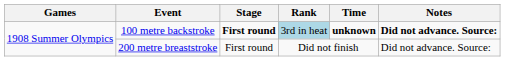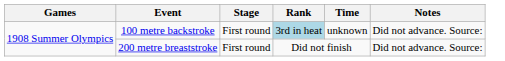 <table class="wikitable" style=" text-align:center;">
 <tr>
 <th>Games</th>
 <th>Event</th>
 <th>Stage</th>
 <th>Rank</th>
 <th>Time</th>
 <th>Notes</th>
 </tr>
 <tr>
 <td style="white-space: nowrap;" rowspan=2><a href='#'>1908 Summer Olympics</a></td>
 <td style="white-space: nowrap;"><a href='#'>100 metre backstroke</a></td>
-<td><strong>First round</strong></td>
+<td>First round</td>
 <td style="background: lightblue; white-space: nowrap;">3rd in heat</td>
-<td style="white-space: nowrap;"><strong>unknown</strong></td>
-<td align=left><strong>Did not advance. Source:</strong></td>
+<td style="white-space: nowrap;">unknown</td>
+<td align=left>Did not advance. Source:</td>
 </tr>
 <tr>
 <td style="white-space: nowrap;"><a href='#'>200 metre breaststroke</a></td>
 <td>First round</td>
 <td style="white-space: nowrap;" colspan=2>Did not finish</td>
 <td align=left>Did not advance. Source:</td>
 </tr>
 </table>
